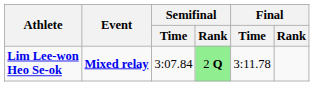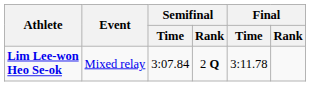 <table class="wikitable" style="font-size:90%">
 <tr>
 <th rowspan=2>Athlete</th>
 <th rowspan=2>Event</th>
 <th colspan=2>Semifinal</th>
 <th colspan=2>Final</th>
 </tr>
 <tr>
 <th>Time</th>
 <th>Rank</th>
 <th>Time</th>
 <th>Rank</th>
 </tr>
 <tr align=center>
 <td align=left><strong><a href='#'>Lim Lee-won</a><br><a href='#'>Heo Se-ok</a></strong></td>
-<td align=left><strong><a href='#'>Mixed relay</a></strong></td>
+<td align=left><a href='#'>Mixed relay</a></td>
 <td>3:07.84</td>
-<td style="background: lightgreen;">2 <strong>Q</strong></td>
+<td>2 <strong>Q</strong></td>
 <td>3:11.78</td>
 <td></td>
 </tr>
 </table>
